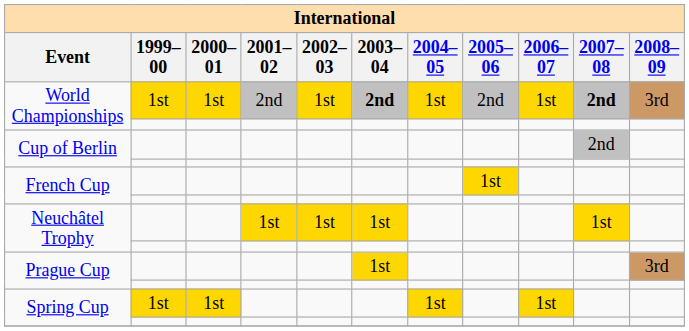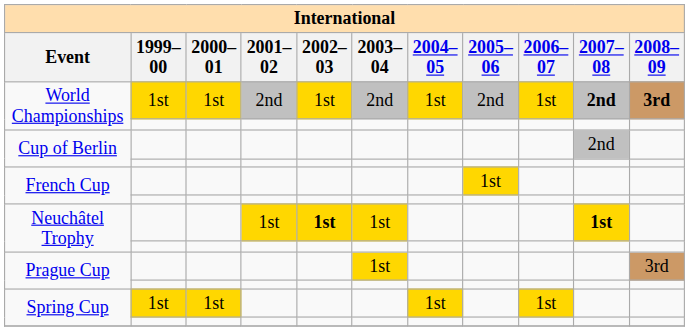 <table class="wikitable">
 <tr>
 <th style="background-color: #ffdead; " colspan="16" align="center"><strong>International</strong></th>
 </tr>
 <tr>
 <th>Event</th>
 <th>1999–00</th>
 <th>2000–01</th>
 <th>2001–02</th>
 <th>2002–03</th>
 <th>2003–04</th>
 <th><a href='#'>2004–05</a></th>
 <th><a href='#'>2005–06</a></th>
 <th><a href='#'>2006–07</a></th>
 <th><a href='#'>2007–08</a></th>
 <th><a href='#'>2008–09</a></th>
 </tr>
 <tr>
 <td align="center" rowspan="2"><a href='#'>World Championships</a></td>
 <td align="center" bgcolor="gold">1st</td>
 <td align="center" bgcolor="gold">1st</td>
 <td align="center" bgcolor="silver">2nd</td>
 <td align="center" bgcolor="gold">1st</td>
-<td align="center" bgcolor="silver"><strong>2nd</strong></td>
+<td align="center" bgcolor="silver">2nd</td>
 <td align="center" bgcolor="gold">1st</td>
 <td align="center" bgcolor="silver">2nd</td>
 <td align="center" bgcolor="gold">1st</td>
 <td align="center" bgcolor="silver"><strong>2nd</strong></td>
-<td align="center" bgcolor="cc9966">3rd</td>
+<td align="center" bgcolor="cc9966"><strong>3rd</strong></td>
 </tr>
 <tr>
 <td align="center"></td>
 <td align="center"></td>
 <td align="center"></td>
 <td align="center"></td>
 <td align="center"></td>
 <td align="center"></td>
 <td align="center"></td>
 <td align="center"></td>
 <td align="center"></td>
 <td align="center"></td>
 </tr>
 <tr>
 <td align="center" rowspan="2"><a href='#'>Cup of Berlin</a></td>
 <td align="center"></td>
 <td align="center"></td>
 <td align="center"></td>
 <td align="center"></td>
 <td align="center"></td>
 <td align="center"></td>
 <td align="center"></td>
 <td align="center"></td>
 <td align="center" bgcolor="silver">2nd</td>
 <td align="center"></td>
 </tr>
 <tr>
 <td align="center"></td>
 <td align="center"></td>
 <td align="center"></td>
 <td align="center"></td>
 <td align="center"></td>
 <td align="center"></td>
 <td align="center"></td>
 <td align="center"></td>
 <td align="center"></td>
 <td align="center"></td>
 </tr>
 <tr>
 <td align="center" rowspan="2"><a href='#'>French Cup</a></td>
 <td align="center"></td>
 <td align="center"></td>
 <td align="center"></td>
 <td align="center"></td>
 <td align="center"></td>
 <td align="center"></td>
 <td align="center" bgcolor="gold">1st</td>
 <td align="center"></td>
 <td align="center"></td>
 <td align="center"></td>
 </tr>
 <tr>
 <td align="center"></td>
 <td align="center"></td>
 <td align="center"></td>
 <td align="center"></td>
 <td align="center"></td>
 <td align="center"></td>
 <td align="center"></td>
 <td align="center"></td>
 <td align="center"></td>
 <td align="center"></td>
 </tr>
 <tr>
 <td align="center" rowspan="2"><a href='#'>Neuchâtel Trophy</a></td>
 <td 1999-00 align="center"></td>
 <td 2000-01 align="center"></td>
 <td 2001-02 align="center" bgcolor="gold">1st</td>
-<td 2002-03 align="center" bgcolor="gold">1st</td>
+<td 2002-03 align="center" bgcolor="gold"><strong>1st</strong></td>
 <td 2003-04 align="center" bgcolor="gold">1st</td>
 <td align="center"></td>
 <td align="center"></td>
 <td align="center"></td>
-<td align="center" bgcolor="gold">1st</td>
+<td align="center" bgcolor="gold"><strong>1st</strong></td>
 <td align="center"></td>
 </tr>
 <tr>
 <td align="center"></td>
 <td align="center"></td>
 <td align="center"></td>
 <td align="center"></td>
 <td align="center"></td>
 <td align="center"></td>
 <td align="center"></td>
 <td align="center"></td>
 <td align="center"></td>
 <td align="center"></td>
 </tr>
 <tr>
 <td align="center" rowspan="2"><a href='#'>Prague Cup</a></td>
 <td 1999-00 align="center"></td>
 <td 2000-01 align="center"></td>
 <td 2001-02 align="center"></td>
 <td 2002-03 align="center"></td>
 <td 2003-04 align="center" bgcolor="gold">1st</td>
 <td 2004-05 align="center"></td>
 <td 2005-06 align="center"></td>
 <td 2006-07 align="center"></td>
 <td 2007-08 align="center"></td>
 <td 2008-09 align="center" bgcolor="cc9966">3rd</td>
 </tr>
 <tr>
 <td 1999-00 align="center"></td>
 <td 2000-01 align="center"></td>
 <td 2001-02 align="center"></td>
 <td 2002-03 align="center"></td>
 <td 2003-04 align="center"></td>
 <td 2004-05 align="center"></td>
 <td 2005-06 align="center"></td>
 <td 2006-07 align="center"></td>
 <td 2007-08 align="center"></td>
 <td 2008-09 align="center"></td>
 </tr>
 <tr>
 <td align="center" rowspan="2"><a href='#'>Spring Cup</a></td>
 <td align="center" bgcolor="gold">1st</td>
 <td align="center" bgcolor="gold">1st</td>
 <td align="center"></td>
 <td align="center"></td>
 <td align="center"></td>
 <td align="center" bgcolor="gold">1st</td>
 <td align="center"></td>
 <td align="center" bgcolor="gold">1st</td>
 <td align="center"></td>
 <td align="center"></td>
 </tr>
 <tr>
 <td align="center"></td>
 <td align="center"></td>
 <td align="center"></td>
 <td align="center"></td>
 <td align="center"></td>
 <td align="center"></td>
 <td align="center"></td>
 <td align="center"></td>
 <td align="center"></td>
 <td align="center"></td>
 </tr>
 <tr>
 </tr>
 </table>
